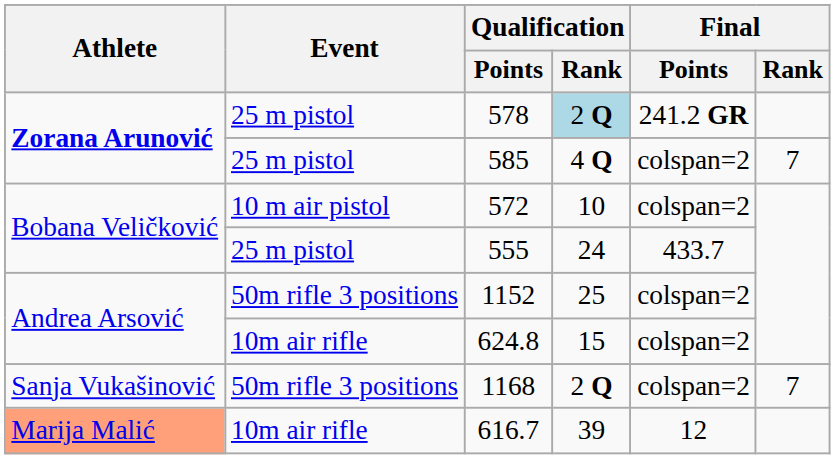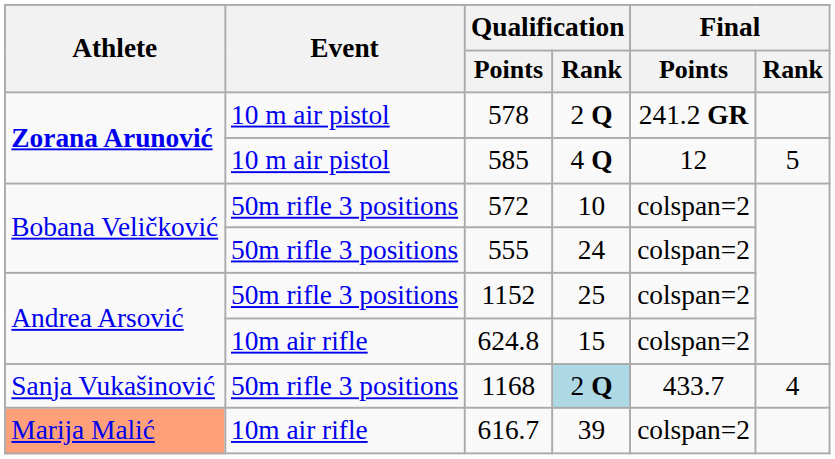 <table class="wikitable" style="font-size:90%">
 <tr>
 <th rowspan="2">Athlete</th>
 <th rowspan="2">Event</th>
 <th colspan=2>Qualification</th>
 <th colspan=2>Final</th>
 </tr>
 <tr style="font-size:95%">
 <th>Points</th>
 <th>Rank</th>
 <th>Points</th>
 <th>Rank</th>
 </tr>
 <tr align=center>
 <td align=left rowspan=2><strong><a href='#'>Zorana Arunović</a></strong></td>
-<td align=left><a href='#'>25 m pistol</a></td>
+<td align=left><a href='#'>10 m air pistol</a></td>
 <td>578</td>
-<td style="background: lightblue;">2 <strong>Q</strong></td>
+<td>2 <strong>Q</strong></td>
 <td>241.2 <strong>GR</strong></td>
 <td></td>
 </tr>
 <tr align=center>
-<td align=left><a href='#'>25 m pistol</a></td>
+<td align=left><a href='#'>10 m air pistol</a></td>
 <td>585</td>
 <td>4 <strong>Q</strong></td>
-<td>colspan=2 </td>
-<td>7</td>
+<td>12</td>
+<td>5</td>
 </tr>
 <tr align=center>
 <td align=left rowspan=2><a href='#'>Bobana Veličković</a></td>
-<td align=left><a href='#'>10 m air pistol</a></td>
+<td align=left><a href='#'>50m rifle 3 positions</a></td>
 <td>572</td>
 <td>10</td>
 <td>colspan=2 </td>
 </tr>
 <tr align=center>
-<td align=left><a href='#'>25 m pistol</a></td>
+<td align=left><a href='#'>50m rifle 3 positions</a></td>
 <td>555</td>
 <td>24</td>
-<td>433.7</td>
+<td>colspan=2 </td>
 </tr>
 <tr align=center>
 <td align=left rowspan=2><a href='#'>Andrea Arsović</a></td>
 <td align=left><a href='#'>50m rifle 3 positions</a></td>
 <td>1152</td>
 <td>25</td>
 <td>colspan=2 </td>
 </tr>
 <tr align=center>
 <td align=left><a href='#'>10m air rifle</a></td>
 <td>624.8</td>
 <td>15</td>
 <td>colspan=2 </td>
 </tr>
 <tr align=center>
 <td align="left"><a href='#'>Sanja Vukašinović</a></td>
 <td align=left><a href='#'>50m rifle 3 positions</a></td>
 <td>1168</td>
-<td>2 <strong>Q</strong></td>
-<td>colspan=2 </td>
-<td>7</td>
+<td style="background: lightblue;">2 <strong>Q</strong></td>
+<td>433.7</td>
+<td>4</td>
 </tr>
 <tr align=center>
 <td align=left style="background: lightsalmon;"><a href='#'>Marija Malić</a></td>
 <td align=left><a href='#'>10m air rifle</a></td>
 <td>616.7</td>
 <td>39</td>
-<td>12</td>
+<td>colspan=2 </td>
 </tr>
 </table>
